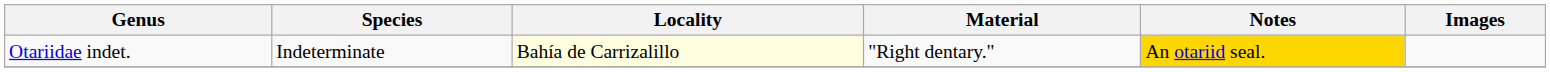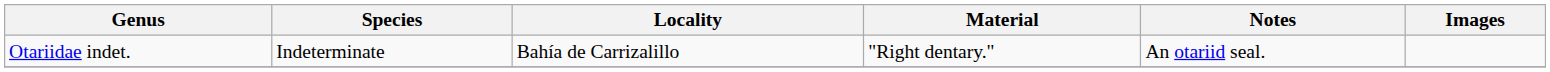 <table class="wikitable" align="center" width="100%">
 <tr>
 <th>Genus</th>
 <th>Species</th>
 <th>Locality</th>
 <th>Material</th>
 <th>Notes</th>
 <th>Images</th>
 </tr>
 <tr>
 <td><a href='#'>Otariidae</a> indet.</td>
 <td>Indeterminate</td>
-<td style="background: lightyellow;">Bahía de Carrizalillo</td>
+<td>Bahía de Carrizalillo</td>
 <td>"Right dentary."</td>
-<td style="background: gold;">An <a href='#'>otariid</a> seal.</td>
+<td>An <a href='#'>otariid</a> seal.</td>
 <td></td>
 </tr>
 <tr>
 </tr>
 </table>
